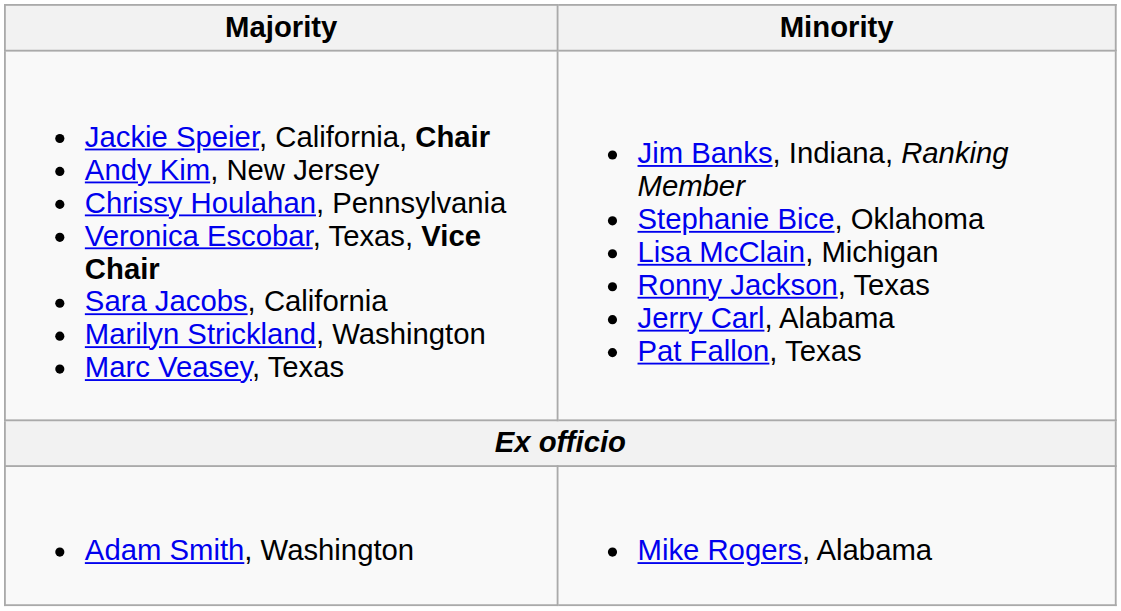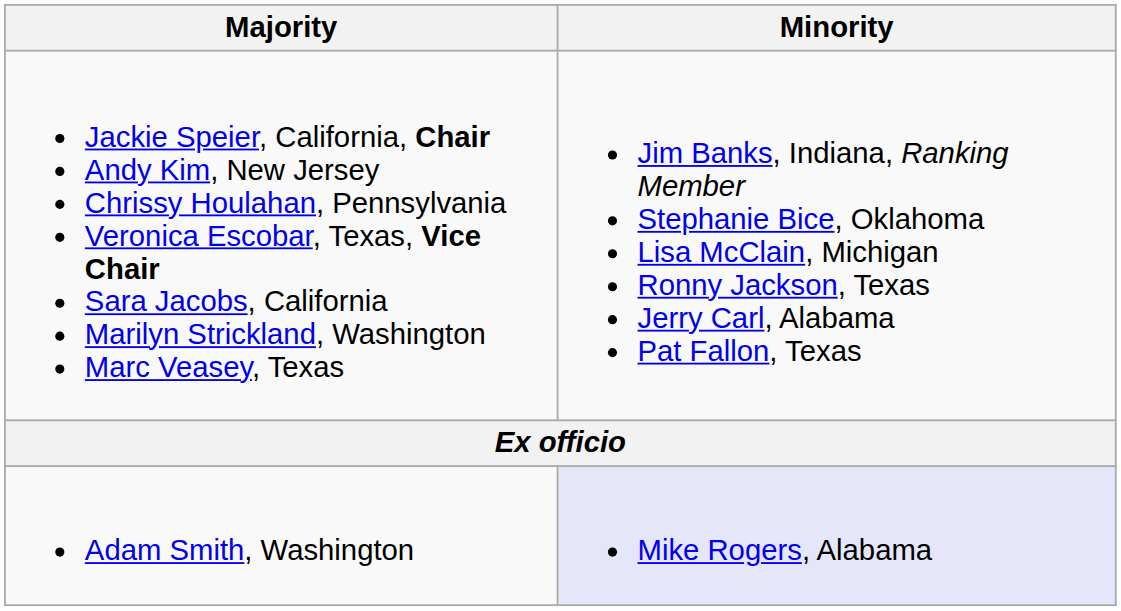 <table class=wikitable>
 <tr>
 <th>Majority</th>
 <th>Minority</th>
 </tr>
 <tr>
 <td><br><ul><li><a href='#'>Jackie Speier</a>, California, <strong>Chair</strong></li><li><a href='#'>Andy Kim</a>, New Jersey</li><li><a href='#'>Chrissy Houlahan</a>, Pennsylvania</li><li><a href='#'>Veronica Escobar</a>, Texas, <strong>Vice Chair</strong></li><li><a href='#'>Sara Jacobs</a>, California</li><li><a href='#'>Marilyn Strickland</a>, Washington</li><li><a href='#'>Marc Veasey</a>, Texas</li></ul></td>
 <td><br><ul><li><a href='#'>Jim Banks</a>, Indiana, <em>Ranking Member</em></li><li><a href='#'>Stephanie Bice</a>, Oklahoma</li><li><a href='#'>Lisa McClain</a>, Michigan</li><li><a href='#'>Ronny Jackson</a>, Texas</li><li><a href='#'>Jerry Carl</a>, Alabama</li><li><a href='#'>Pat Fallon</a>, Texas</li></ul></td>
 </tr>
 <tr>
 <th colspan=2><em>Ex officio</em></th>
 </tr>
 <tr>
 <td><br><ul><li><a href='#'>Adam Smith</a>, Washington</li></ul></td>
-<td><br><ul><li><a href='#'>Mike Rogers</a>, Alabama</li></ul></td>
+<td style="background: lavender;"><br><ul><li><a href='#'>Mike Rogers</a>, Alabama</li></ul></td>
 </tr>
 </table>
